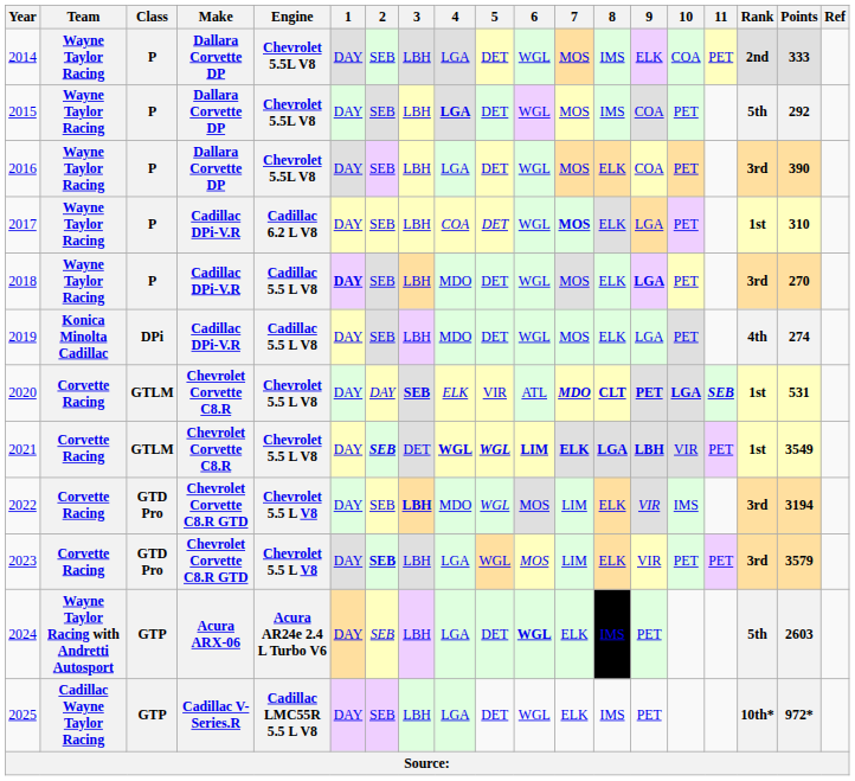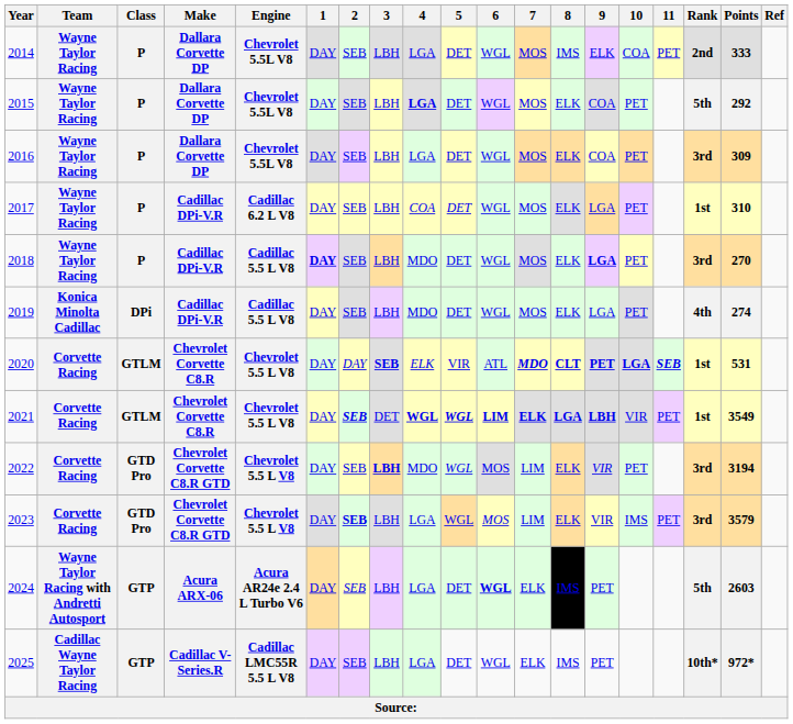 <table class="wikitable" style="text-align:center; font-size:90%">
 <tr>
 <th>Year</th>
 <th>Team</th>
 <th>Class</th>
 <th>Make</th>
 <th>Engine</th>
 <th>1</th>
 <th>2</th>
 <th>3</th>
 <th>4</th>
 <th>5</th>
 <th>6</th>
 <th>7</th>
 <th>8</th>
 <th>9</th>
 <th>10</th>
 <th>11</th>
 <th>Rank</th>
 <th>Points</th>
 <th>Ref</th>
 </tr>
 <tr>
 <td><a href='#'>2014</a></td>
 <th><a href='#'>Wayne Taylor Racing</a></th>
 <th>P</th>
 <th><a href='#'>Dallara</a> <a href='#'>Corvette DP</a></th>
 <th><a href='#'>Chevrolet</a> 5.5L V8</th>
 <td style="background:#dfdfdf;"><a href='#'>DAY</a><br></td>
 <td style="background:#dfffdf;"><a href='#'>SEB</a><br></td>
 <td style="background:#dfdfdf;"><a href='#'>LBH</a><br></td>
 <td style="background:#dfdfdf;"><a href='#'>LGA</a><br></td>
 <td style="background:#ffffbf;"><a href='#'>DET</a><br></td>
 <td style="background:#dfffdf;"><a href='#'>WGL</a><br></td>
 <td style="background:#ffdf9f;"><a href='#'>MOS</a><br></td>
 <td style="background:#dfffdf;"><a href='#'>IMS</a><br></td>
 <td style="background:#efcfff;"><a href='#'>ELK</a><br></td>
 <td style="background:#dfffdf;"><a href='#'>COA</a><br></td>
 <td style="background:#ffffbf;"><a href='#'>PET</a><br></td>
 <th style="background:#dfdfdf;">2nd</th>
 <th style="background:#dfdfdf;">333</th>
 <td></td>
 </tr>
 <tr>
 <td><a href='#'>2015</a></td>
 <th><a href='#'>Wayne Taylor Racing</a></th>
 <th>P</th>
 <th><a href='#'>Dallara</a> <a href='#'>Corvette DP</a></th>
 <th><a href='#'>Chevrolet</a> 5.5L V8</th>
 <td style="background:#dfffdf;"><a href='#'>DAY</a><br></td>
 <td style="background:#dfdfdf;"><a href='#'>SEB</a><br></td>
 <td style="background:#ffffbf;"><a href='#'>LBH</a><br></td>
 <td style="background:#dfdfdf;"><strong><a href='#'>LGA</a></strong><br></td>
 <td style="background:#dfffdf;"><a href='#'>DET</a><br></td>
 <td style="background:#efcfff;"><a href='#'>WGL</a><br></td>
 <td style="background:#ffffbf;"><a href='#'>MOS</a><br></td>
-<td style="background:#dfffdf;"><a href='#'>IMS</a><br></td>
+<td style="background:#dfffdf;"><a href='#'>ELK</a><br></td>
 <td style="background:#dfdfdf;"><a href='#'>COA</a><br></td>
 <td style="background:#dfffdf;"><a href='#'>PET</a><br></td>
 <td></td>
 <th>5th</th>
 <th>292</th>
 <td></td>
 </tr>
 <tr>
 <td><a href='#'>2016</a></td>
 <th><a href='#'>Wayne Taylor Racing</a></th>
 <th>P</th>
 <th><a href='#'>Dallara</a> <a href='#'>Corvette DP</a></th>
 <th><a href='#'>Chevrolet</a> 5.5L V8</th>
 <td style="background:#dfdfdf;"><a href='#'>DAY</a><br></td>
 <td style="background:#efcfff;"><a href='#'>SEB</a><br></td>
 <td style="background:#ffffbf;"><a href='#'>LBH</a><br></td>
 <td style="background:#dfffdf;"><a href='#'>LGA</a><br></td>
 <td style="background:#ffffbf;"><a href='#'>DET</a><br></td>
 <td style="background:#dfffdf;"><a href='#'>WGL</a><br></td>
 <td style="background:#ffdf9f;"><a href='#'>MOS</a><br></td>
 <td style="background:#ffdf9f;"><a href='#'>ELK</a><br></td>
 <td style="background:#ffffbf;"><a href='#'>COA</a><br></td>
 <td style="background:#ffdf9f;"><a href='#'>PET</a><br></td>
 <td></td>
 <th style="background:#ffdf9f;">3rd</th>
-<th style="background:#ffdf9f;">390</th>
+<th style="background:#ffdf9f;">309</th>
 <td></td>
 </tr>
 <tr>
 <td><a href='#'>2017</a></td>
 <th><a href='#'>Wayne Taylor Racing</a></th>
 <th>P</th>
 <th><a href='#'>Cadillac DPi-V.R</a></th>
 <th><a href='#'>Cadillac</a> 6.2 L V8</th>
 <td style="background:#ffffbf;"><a href='#'>DAY</a><br></td>
 <td style="background:#ffffbf;"><a href='#'>SEB</a><br></td>
 <td style="background:#ffffbf;"><a href='#'>LBH</a><br></td>
 <td style="background:#ffffbf;"><em><a href='#'>COA</a></em><br></td>
 <td style="background:#ffffbf;"><em><a href='#'>DET</a></em><br></td>
 <td style="background:#dfffdf;"><a href='#'>WGL</a><br></td>
-<td style="background:#dfffdf;"><strong><a href='#'>MOS</a><br></strong></td>
+<td style="background:#dfffdf;"><a href='#'>MOS</a><br></td>
 <td style="background:#dfdfdf;"><a href='#'>ELK</a><br></td>
 <td style="background:#ffdf9f;"><a href='#'>LGA</a><br></td>
 <td style="background:#efcfff;"><a href='#'>PET</a><br></td>
 <td></td>
 <th style="background:#ffffbf;">1st</th>
 <th style="background:#ffffbf;">310</th>
 <td></td>
 </tr>
 <tr>
 <td><a href='#'>2018</a></td>
 <th><a href='#'>Wayne Taylor Racing</a></th>
 <th>P</th>
 <th><a href='#'>Cadillac DPi-V.R</a></th>
 <th><a href='#'>Cadillac</a> 5.5 L V8</th>
 <td style="background:#efcfff;"><strong><a href='#'>DAY</a></strong><br></td>
 <td style="background:#dfdfdf;"><a href='#'>SEB</a><br></td>
 <td style="background:#ffdf9f;"><a href='#'>LBH</a><br></td>
 <td style="background:#dfffdf;"><a href='#'>MDO</a><br></td>
 <td style="background:#dfffdf;"><a href='#'>DET</a><br></td>
 <td style="background:#dfffdf;"><a href='#'>WGL</a><br></td>
 <td style="background:#dfdfdf;"><a href='#'>MOS</a><br></td>
 <td style="background:#dfffdf;"><a href='#'>ELK</a><br></td>
 <td style="background:#efcfff;"><strong><a href='#'>LGA</a></strong><br></td>
 <td style="background:#ffffbf;"><a href='#'>PET</a><br></td>
 <td></td>
 <th style="background:#ffdf9f;">3rd</th>
 <th style="background:#ffdf9f;">270</th>
 <td></td>
 </tr>
 <tr>
 <td><a href='#'>2019</a></td>
 <th><a href='#'>Konica Minolta Cadillac</a></th>
 <th>DPi</th>
 <th><a href='#'>Cadillac DPi-V.R</a></th>
 <th><a href='#'>Cadillac</a> 5.5 L V8</th>
 <td style="background:#FFFFBF"><a href='#'>DAY</a><br></td>
 <td style="background:#DFDFDF;"><a href='#'>SEB</a><br></td>
 <td style="background:#EFCFFF;"><a href='#'>LBH</a><br></td>
 <td style="background:#DFFFDF;"><a href='#'>MDO</a><br></td>
 <td style="background:#DFFFDF;"><a href='#'>DET</a><br></td>
 <td style="background:#DFFFDF;"><a href='#'>WGL</a><br></td>
 <td style="background:#DFFFDF;"><a href='#'>MOS</a><br></td>
 <td style="background:#DFFFDF;"><a href='#'>ELK</a><br></td>
 <td style="background:#DFFFDF;"><a href='#'>LGA</a><br></td>
 <td style="background:#DFDFDF;"><a href='#'>PET</a><br></td>
 <td></td>
 <th>4th</th>
 <th>274</th>
 <td></td>
 </tr>
 <tr>
 <td><a href='#'>2020</a></td>
 <th><a href='#'>Corvette Racing</a></th>
 <th>GTLM</th>
 <th><a href='#'>Chevrolet Corvette C8.R</a></th>
 <th><a href='#'>Chevrolet</a> 5.5 L V8</th>
 <td style="background:#DFFFDF;"><a href='#'>DAY</a><br></td>
 <td style="background:#FFFFBF;"><em><a href='#'>DAY</a></em><br></td>
 <td style="background:#DFDFDF;"><strong><a href='#'>SEB</a></strong><br></td>
 <td style="background:#FFFFBF;"><em><a href='#'>ELK</a></em><br></td>
 <td style="background:#FFFFBF;"><a href='#'>VIR</a><br></td>
 <td style="background:#DFFFDF;"><a href='#'>ATL</a><br></td>
 <td style="background:#FFFFBF;"><strong><em><a href='#'>MDO</a></em></strong><br></td>
 <td style="background:#FFFFBF;"><strong><a href='#'>CLT</a></strong><br></td>
 <td style="background:#DFDFDF;"><strong><a href='#'>PET</a></strong><br></td>
 <td style="background:#DFDFDF;"><strong><a href='#'>LGA</a></strong><br></td>
 <td style="background:#DFFFDF;"><strong><em><a href='#'>SEB</a></em></strong><br></td>
 <th style="background:#FFFFBF;">1st</th>
 <th style="background:#FFFFBF;">531</th>
 <td></td>
 </tr>
 <tr>
 <td><a href='#'>2021</a></td>
 <th><a href='#'>Corvette Racing</a></th>
 <th>GTLM</th>
 <th><a href='#'>Chevrolet Corvette C8.R</a></th>
 <th><a href='#'>Chevrolet</a> 5.5 L V8</th>
 <td style="background:#FFFFBF;"><a href='#'>DAY</a><br></td>
 <td style="background:#DFFFDF;"><strong><em><a href='#'>SEB</a></em></strong><br></td>
 <td style="background:#DFDFDF;"><a href='#'>DET</a><br></td>
 <td style="background:#FFFFBF;"><strong><a href='#'>WGL</a></strong><br></td>
 <td style="background:#FFFFBF;"><strong><em><a href='#'>WGL</a></em></strong><br></td>
 <td style="background:#FFFFBF;"><strong><a href='#'>LIM</a></strong><br></td>
 <td style="background:#DFDFDF;"><strong><a href='#'>ELK</a></strong><br></td>
 <td style="background:#DFDFDF;"><strong><a href='#'>LGA</a></strong><br></td>
 <td style="background:#DFDFDF;"><strong><a href='#'>LBH</a></strong><br></td>
 <td style="background:#DFDFDF;"><a href='#'>VIR</a><br></td>
 <td style="background:#EFCFFF;"><a href='#'>PET</a><br></td>
 <th style="background:#FFFFBF;">1st</th>
 <th style="background:#FFFFBF;">3549</th>
 <td></td>
 </tr>
 <tr>
 <td><a href='#'>2022</a></td>
 <th><a href='#'>Corvette Racing</a></th>
 <th>GTD Pro</th>
 <th><a href='#'>Chevrolet Corvette C8.R GTD</a></th>
 <th><a href='#'>Chevrolet</a> 5.5 L <a href='#'>V8</a></th>
 <td style="background:#DFFFDF;"><a href='#'>DAY</a><br></td>
 <td style="background:#FFFFBF;"><a href='#'>SEB</a><br></td>
 <td style="background:#FFDF9F;"><strong><a href='#'>LBH</a></strong><br></td>
 <td style="background:#DFFFDF;"><a href='#'>MDO</a><br></td>
 <td style="background:#DFFFDF;"><em><a href='#'>WGL</a></em><br></td>
 <td style="background:#DFDFDF;"><a href='#'>MOS</a><br></td>
 <td style="background:#DFFFDF;"><a href='#'>LIM</a><br></td>
 <td style="background:#FFDF9F;"><a href='#'>ELK</a><br></td>
 <td style="background:#DFDFDF;"><em><a href='#'>VIR</a></em><br></td>
-<td style="background:#DFFFDF;"><a href='#'>IMS</a><br></td>
+<td style="background:#DFFFDF;"><a href='#'>PET</a><br></td>
 <td></td>
 <th style="background:#FFDF9F;">3rd</th>
 <th style="background:#FFDF9F;">3194</th>
 <td></td>
 </tr>
 <tr>
 <td><a href='#'>2023</a></td>
 <th><a href='#'>Corvette Racing</a></th>
 <th>GTD Pro</th>
 <th><a href='#'>Chevrolet Corvette C8.R GTD</a></th>
 <th><a href='#'>Chevrolet</a> 5.5 L <a href='#'>V8</a></th>
 <td style="background:#DFDFDF;"><a href='#'>DAY</a><br></td>
 <td style="background:#DFFFDF;"><strong><a href='#'>SEB</a></strong><br></td>
 <td style="background:#DFDFDF;"><a href='#'>LBH</a><br></td>
 <td style="background:#DFFFDF;"><a href='#'>LGA</a><br></td>
 <td style="background:#FFDF9F;"><a href='#'>WGL</a><br></td>
 <td style="background:#FFFFBF;"><em><a href='#'>MOS</a></em><br></td>
 <td style="background:#DFFFDF;"><a href='#'>LIM</a><br></td>
 <td style="background:#FFDF9F;"><a href='#'>ELK</a><br></td>
 <td style="background:#FFFFBF;"><a href='#'>VIR</a><br></td>
-<td style="background:#DFFFDF;"><a href='#'>PET</a><br></td>
+<td style="background:#DFFFDF;"><a href='#'>IMS</a><br></td>
 <td style="background:#EFCFFF;"><a href='#'>PET</a><br></td>
 <th style="background:#FFDF9F;">3rd</th>
 <th style="background:#FFDF9F;">3579</th>
 <td></td>
 </tr>
 <tr>
 <td><a href='#'>2024</a></td>
 <th><a href='#'>Wayne Taylor Racing</a> with <a href='#'>Andretti Autosport</a></th>
 <th>GTP</th>
 <th><a href='#'>Acura ARX-06</a></th>
 <th><a href='#'>Acura</a> AR24e 2.4 L Turbo V6</th>
 <td style="background:#FFDF9F;"><a href='#'>DAY</a><br></td>
 <td style="background:#FFFFBF;"><em><a href='#'>SEB</a></em><br></td>
 <td style="background:#EFCFFF;"><a href='#'>LBH</a><br></td>
 <td style="background:#DFFFDF;"><a href='#'>LGA</a><br></td>
 <td style="background:#DFFFDF;"><a href='#'>DET</a><br></td>
 <td style="background:#DFFFDF;"><strong><a href='#'>WGL</a></strong><br></td>
 <td style="background:#DFFFDF;"><a href='#'>ELK</a><br></td>
 <td style="background:#000000;color:white"><a href='#'><span>IMS</span></a><br></td>
 <td style="background:#DFFFDF;"><a href='#'>PET</a><br></td>
 <td></td>
 <td></td>
 <th>5th</th>
 <th>2603</th>
 <td></td>
 </tr>
 <tr>
 <td><a href='#'>2025</a></td>
 <th><a href='#'>Cadillac Wayne Taylor Racing</a></th>
 <th>GTP</th>
 <th><a href='#'>Cadillac V-Series.R</a></th>
 <th><a href='#'>Cadillac</a> LMC55R 5.5 L V8</th>
 <td style="background:#EFCFFF;"><a href='#'>DAY</a><br></td>
 <td style="background:#EFCFFF;"><a href='#'>SEB</a><br></td>
 <td style="background:#DFFFDF;"><a href='#'>LBH</a><br></td>
 <td style="background:#DFFFDF;"><a href='#'>LGA</a><br></td>
 <td style="background:#;"><a href='#'>DET</a><br></td>
 <td style="background:#;"><a href='#'>WGL</a><br></td>
 <td style="background:#;"><a href='#'>ELK</a><br></td>
 <td style="background:#;"><a href='#'>IMS</a><br></td>
 <td style="background:#;"><a href='#'>PET</a><br></td>
 <td></td>
 <td></td>
 <th>10th*</th>
 <th>972*</th>
 </tr>
 <tr>
 <th colspan="19">Source:</th>
 </tr>
 </table>
